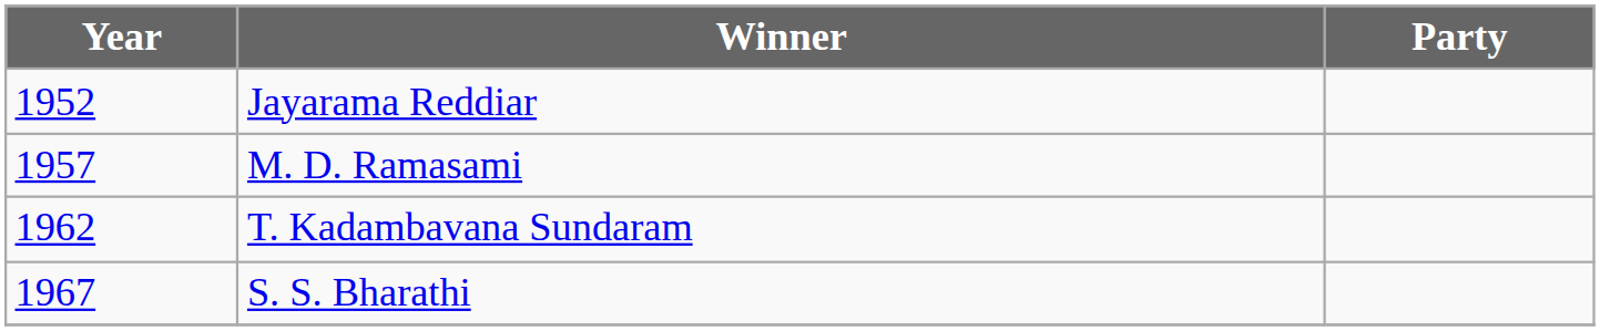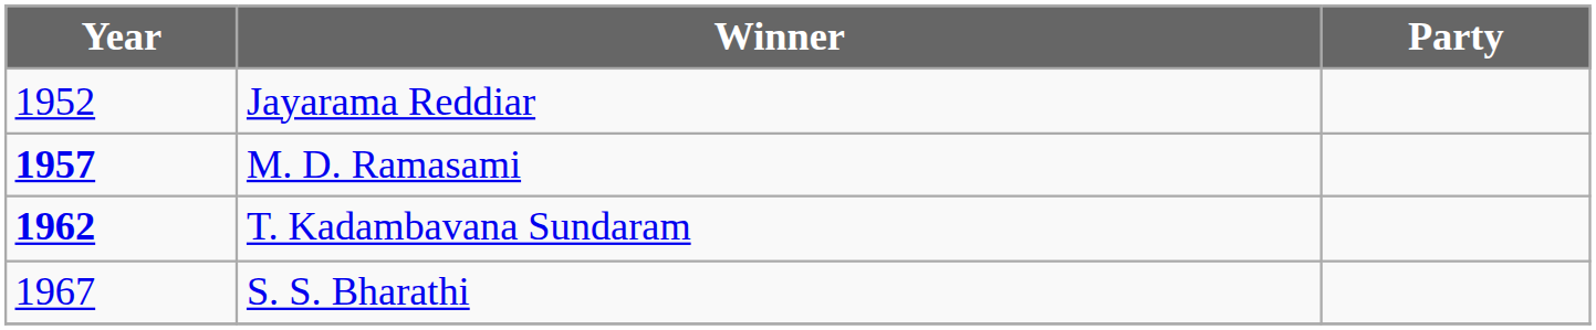 <table class="wikitable" width="50%">
 <tr>
 <th style="background-color:#666666; color:white">Year</th>
 <th style="background-color:#666666; color:white">Winner</th>
 <th style="background-color:#666666; color:white" colspan="2">Party</th>
 </tr>
 <tr>
 <td><a href='#'>1952</a></td>
 <td><a href='#'>Jayarama Reddiar</a></td>
 <td></td>
 </tr>
 <tr>
-<td><a href='#'>1957</a></td>
+<td><strong><a href='#'>1957</a></strong></td>
 <td><a href='#'>M. D. Ramasami</a></td>
 <td></td>
 </tr>
 <tr>
-<td><a href='#'>1962</a></td>
+<td><strong><a href='#'>1962</a></strong></td>
 <td><a href='#'>T. Kadambavana Sundaram</a></td>
 <td></td>
 </tr>
 <tr>
 <td><a href='#'>1967</a></td>
 <td><a href='#'>S. S. Bharathi</a></td>
 <td></td>
 </tr>
 <tr>
 </tr>
 </table>
